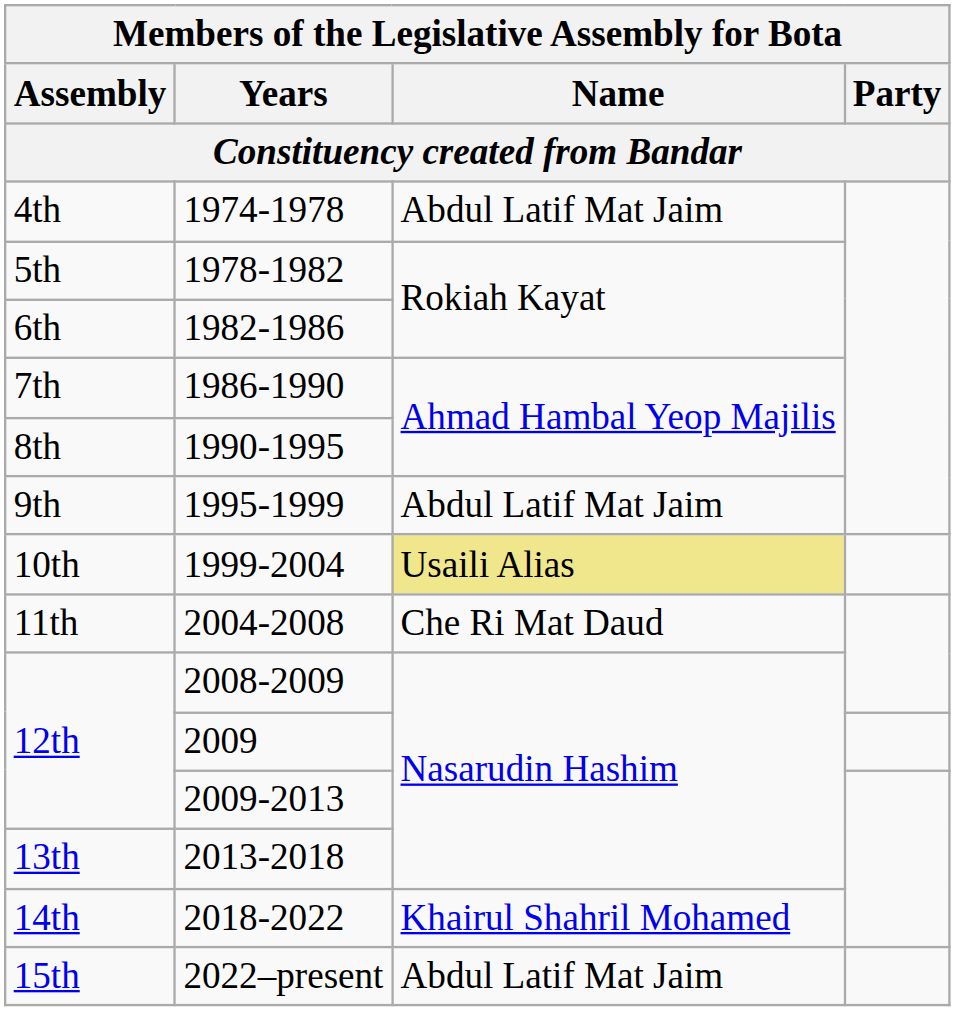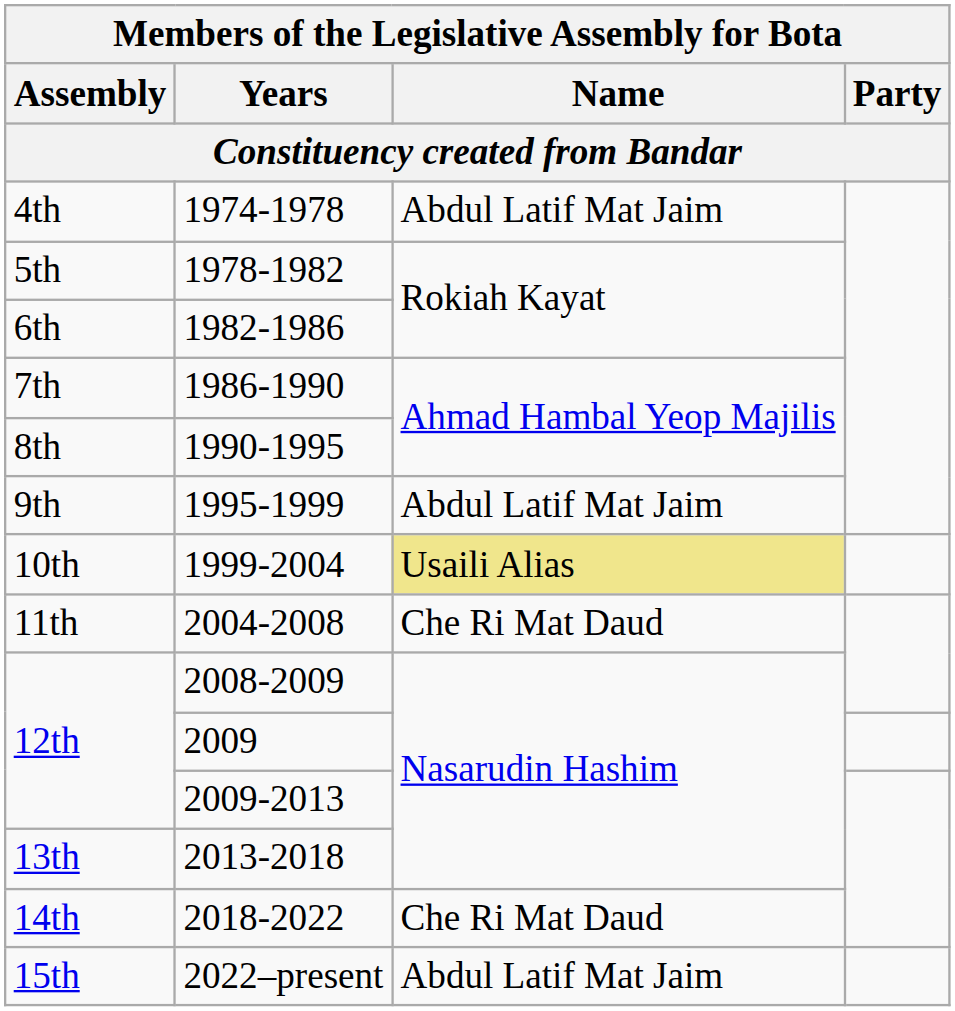 <table class="wikitable">
 <tr>
 <th colspan="4">Members of the Legislative Assembly for Bota</th>
 </tr>
 <tr>
 <th>Assembly</th>
 <th>Years</th>
 <th>Name</th>
 <th>Party</th>
 </tr>
 <tr>
 <th colspan="4"><em>Constituency created from Bandar</em></th>
 </tr>
 <tr>
 <td>4th</td>
 <td>1974-1978</td>
 <td>Abdul Latif Mat Jaim</td>
 <td rowspan="6"></td>
 </tr>
 <tr>
 <td>5th</td>
 <td>1978-1982</td>
 <td rowspan="2">Rokiah Kayat</td>
 </tr>
 <tr>
 <td>6th</td>
 <td>1982-1986</td>
 </tr>
 <tr>
 <td>7th</td>
 <td>1986-1990</td>
 <td rowspan="2"><a href='#'>Ahmad Hambal Yeop Majilis</a></td>
 </tr>
 <tr>
 <td>8th</td>
 <td>1990-1995</td>
 </tr>
 <tr>
 <td>9th</td>
 <td>1995-1999</td>
 <td>Abdul Latif Mat Jaim</td>
 </tr>
 <tr>
 <td>10th</td>
 <td>1999-2004</td>
 <td style="background: khaki;">Usaili Alias</td>
 <td></td>
 </tr>
 <tr>
 <td>11th</td>
 <td>2004-2008</td>
 <td>Che Ri Mat Daud</td>
 <td rowspan="2"></td>
 </tr>
 <tr>
 <td rowspan="3"><a href='#'>12th</a></td>
 <td>2008-2009</td>
 <td rowspan="4"><a href='#'>Nasarudin Hashim</a></td>
 </tr>
 <tr>
 <td>2009</td>
 <td></td>
 </tr>
 <tr>
 <td>2009-2013</td>
 <td rowspan="3"></td>
 </tr>
 <tr>
 <td><a href='#'>13th</a></td>
 <td>2013-2018</td>
 </tr>
 <tr>
 <td><a href='#'>14th</a></td>
 <td>2018-2022</td>
-<td><a href='#'>Khairul Shahril Mohamed</a></td>
+<td>Che Ri Mat Daud</td>
 </tr>
 <tr>
 <td><a href='#'>15th</a></td>
 <td>2022–present</td>
 <td>Abdul Latif Mat Jaim</td>
 <td></td>
 </tr>
 </table>
